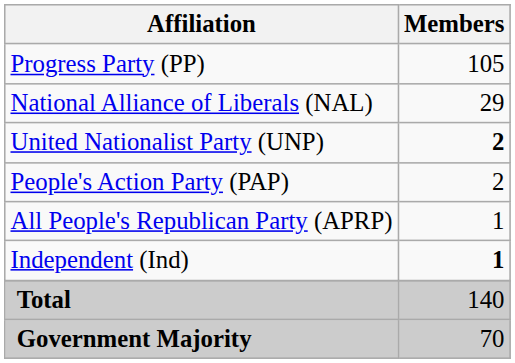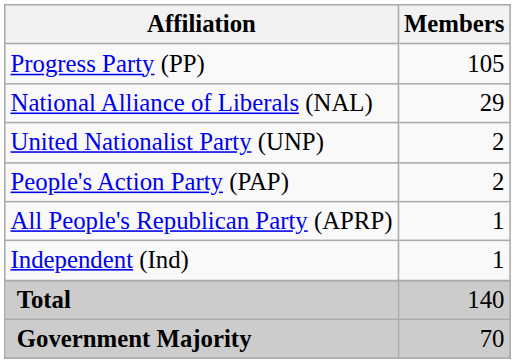 <table class="wikitable">
 <tr>
 <th>Affiliation</th>
 <th>Members</th>
 </tr>
 <tr>
 <td><a href='#'>Progress Party</a> (PP)</td>
 <td align="right">105</td>
 </tr>
 <tr>
 <td><a href='#'>National Alliance of Liberals</a> (NAL)</td>
 <td align="right">29</td>
 </tr>
 <tr>
 <td><a href='#'>United Nationalist Party</a> (UNP)</td>
-<td align="right"><strong>2</strong></td>
+<td align="right">2</td>
 </tr>
 <tr>
 <td><a href='#'>People's Action Party</a> (PAP)</td>
 <td align="right">2</td>
 </tr>
 <tr>
 <td><a href='#'>All People's Republican Party</a> (APRP)</td>
 <td align="right">1</td>
 </tr>
 <tr>
 <td><a href='#'>Independent</a> (Ind)</td>
-<td align="right"><strong>1</strong></td>
+<td align="right">1</td>
 </tr>
 <tr>
 </tr>
 <tr bgcolor="CCCCCC">
 <td> <strong>Total</strong></td>
 <td align="right">140</td>
 </tr>
 <tr bgcolor="CCCCCC">
 <td> <strong>Government Majority</strong></td>
 <td align="right">70</td>
 </tr>
 </table>
